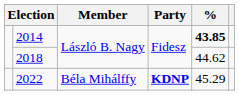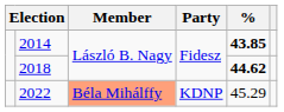 <table class=wikitable>
 <tr>
 <th colspan=2>Election</th>
 <th>Member</th>
 <th>Party</th>
 <th>%</th>
 <th></th>
 </tr>
 <tr>
 <td rowspan=2 bgcolor=></td>
 <td><a href='#'>2014</a></td>
 <td rowspan=2><a href='#'>László B. Nagy</a></td>
 <td rowspan=2><a href='#'>Fidesz</a></td>
 <td align=right><strong>43.85</strong></td>
 <td align=center></td>
 </tr>
 <tr>
 <td><a href='#'>2018</a></td>
-<td align=right>44.62</td>
+<td align=right><strong>44.62</strong></td>
 <td align=center></td>
 </tr>
 <tr>
 <td bgcolor=></td>
 <td><a href='#'>2022</a></td>
-<td><a href='#'>Béla Mihálffy</a></td>
-<td><strong><a href='#'>KDNP</a></strong></td>
+<td style="background: lightsalmon;"><a href='#'>Béla Mihálffy</a></td>
+<td><a href='#'>KDNP</a></td>
 <td align=right>45.29</td>
 <td align=center></td>
 </tr>
 </table>
